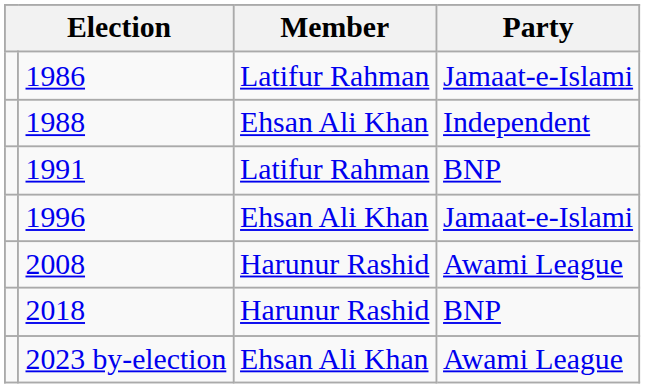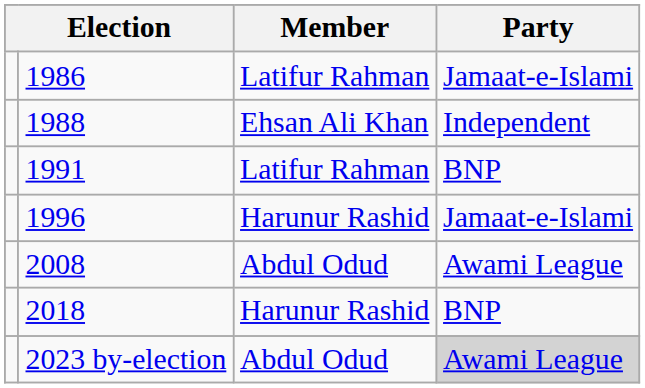 <table class="wikitable">
 <tr>
 <th colspan="2">Election</th>
 <th>Member</th>
 <th>Party</th>
 </tr>
 <tr>
 <td style="background-color:"></td>
 <td><a href='#'>1986</a></td>
 <td><a href='#'>Latifur Rahman</a></td>
 <td><a href='#'>Jamaat-e-Islami</a></td>
 </tr>
 <tr>
 <td style="background-color:"></td>
 <td><a href='#'>1988</a></td>
 <td><a href='#'>Ehsan Ali Khan</a></td>
 <td><a href='#'>Independent</a></td>
 </tr>
 <tr>
 <td style="background-color:"></td>
 <td><a href='#'>1991</a></td>
 <td><a href='#'>Latifur Rahman</a></td>
 <td><a href='#'>BNP</a></td>
 </tr>
 <tr>
 <td style="background-color:"></td>
 <td><a href='#'>1996</a></td>
-<td><a href='#'>Ehsan Ali Khan</a></td>
+<td><a href='#'>Harunur Rashid</a></td>
 <td><a href='#'>Jamaat-e-Islami</a></td>
 </tr>
 <tr>
 <td style="background-color:"></td>
 <td><a href='#'>2008</a></td>
-<td><a href='#'>Harunur Rashid</a></td>
+<td><a href='#'>Abdul Odud</a></td>
 <td><a href='#'>Awami League</a></td>
 </tr>
 <tr>
 <td style="background-color:"></td>
 <td><a href='#'>2018</a></td>
 <td><a href='#'>Harunur Rashid</a></td>
 <td><a href='#'>BNP</a></td>
 </tr>
 <tr>
 <td style="background-color:"></td>
 <td><a href='#'>2023 by-election</a></td>
-<td><a href='#'>Ehsan Ali Khan</a></td>
-<td><a href='#'>Awami League</a></td>
+<td><a href='#'>Abdul Odud</a></td>
+<td style="background: lightgrey;"><a href='#'>Awami League</a></td>
 </tr>
 </table>
